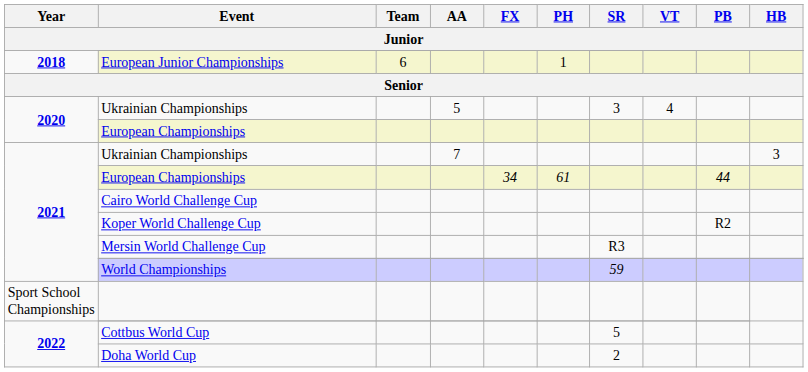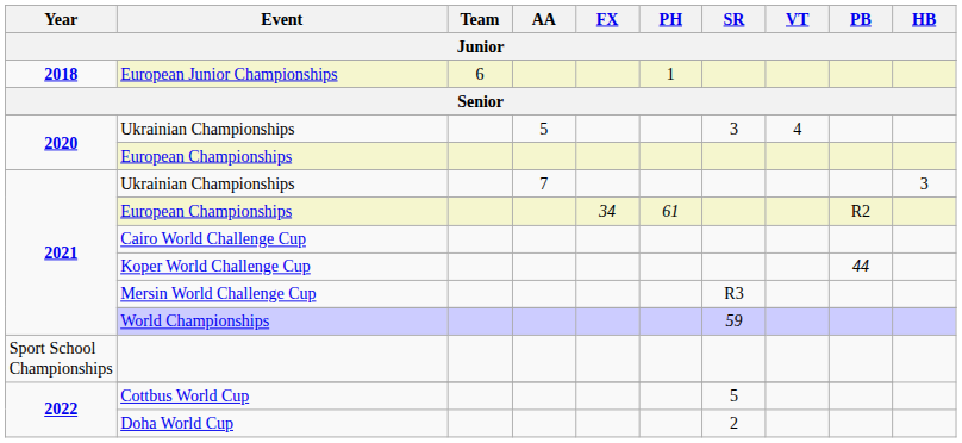 <table class="wikitable sortable" style="text-align:center; font-size:95%;">
 <tr>
 <th width=7% class=unsortable>Year</th>
 <th width=37% class=unsortable>Event</th>
 <th width=7% class=unsortable>Team</th>
 <th width=7% class=unsortable>AA</th>
 <th width=7% class=unsortable><a href='#'>FX</a></th>
 <th width=7% class=unsortable><a href='#'>PH</a></th>
 <th width=7% class=unsortable><a href='#'>SR</a></th>
 <th width=7% class=unsortable><a href='#'>VT</a></th>
 <th width=7% class=unsortable><a href='#'>PB</a></th>
 <th width=7% class=unsortable><a href='#'>HB</a></th>
 </tr>
 <tr>
 <th colspan="10"><strong>Junior</strong></th>
 </tr>
 <tr>
 <td rowspan="2"><strong><a href='#'>2018</a></strong></td>
 </tr>
 <tr bgcolor=#F5F6CE>
 <td align=left><a href='#'>European Junior Championships</a></td>
 <td>6</td>
 <td></td>
 <td></td>
 <td>1</td>
 <td></td>
 <td></td>
 <td></td>
 <td></td>
 </tr>
 <tr>
 <th colspan="10"><strong>Senior</strong></th>
 </tr>
 <tr>
 <td rowspan="2"><strong><a href='#'>2020</a></strong></td>
 <td align=left>Ukrainian Championships</td>
 <td></td>
 <td>5</td>
 <td></td>
 <td></td>
 <td>3</td>
 <td>4</td>
 <td></td>
 <td></td>
 </tr>
 <tr bgcolor=#F5F6CE>
 <td align=left><a href='#'>European Championships</a></td>
 <td></td>
 <td></td>
 <td></td>
 <td></td>
 <td></td>
 <td></td>
 <td></td>
 <td></td>
 </tr>
 <tr>
 <td rowspan="7"><strong><a href='#'>2021</a></strong></td>
 <td align=left>Ukrainian Championships</td>
 <td></td>
 <td>7</td>
 <td></td>
 <td></td>
 <td></td>
 <td></td>
 <td></td>
 <td>3</td>
 </tr>
 <tr bgcolor=#F5F6CE>
 <td align=left><a href='#'>European Championships</a></td>
 <td></td>
 <td></td>
 <td><em>34</em></td>
 <td><em>61</em></td>
 <td></td>
 <td></td>
-<td><em>44</em></td>
+<td>R2</td>
 <td></td>
 </tr>
 <tr>
 <td align=left><a href='#'>Cairo World Challenge Cup</a></td>
 <td></td>
 <td></td>
 <td></td>
 <td></td>
 <td></td>
 <td></td>
 <td></td>
 <td></td>
 </tr>
 <tr>
 <td align=left><a href='#'>Koper World Challenge Cup</a></td>
 <td></td>
 <td></td>
 <td></td>
 <td></td>
 <td></td>
 <td></td>
-<td>R2</td>
+<td><em>44</em></td>
 <td></td>
 </tr>
 <tr>
 <td align=left><a href='#'>Mersin World Challenge Cup</a></td>
 <td></td>
 <td></td>
 <td></td>
 <td></td>
 <td>R3</td>
 <td></td>
 <td></td>
 <td></td>
 </tr>
 <tr>
 </tr>
 <tr bgcolor=#CCCCFF>
 <td align=left><a href='#'>World Championships</a></td>
 <td></td>
 <td></td>
 <td></td>
 <td></td>
 <td><em>59</em></td>
 <td></td>
 <td></td>
 <td></td>
 </tr>
 <tr>
 <td align=left>Sport School Championships</td>
 <td></td>
 <td></td>
 <td></td>
 <td></td>
 <td></td>
 <td></td>
 <td></td>
 <td></td>
 </tr>
 <tr>
 <td rowspan="4"><strong><a href='#'>2022</a></strong></td>
 </tr>
 <tr>
 <td align=left><a href='#'>Cottbus World Cup</a></td>
 <td></td>
 <td></td>
 <td></td>
 <td></td>
 <td>5</td>
 <td></td>
 <td></td>
 <td></td>
 </tr>
 <tr>
 <td align=left><a href='#'>Doha World Cup</a></td>
 <td></td>
 <td></td>
 <td></td>
 <td></td>
 <td>2</td>
 <td></td>
 <td></td>
 <td></td>
 </tr>
 </table>
